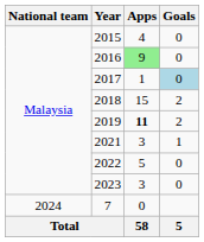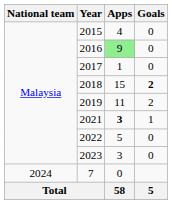 <table class=wikitable style="text-align: center;">
 <tr>
 <th>National team</th>
 <th>Year</th>
 <th>Apps</th>
 <th>Goals</th>
 </tr>
 <tr>
 <td rowspan=8><a href='#'>Malaysia</a></td>
 <td>2015</td>
 <td>4</td>
 <td>0</td>
 </tr>
 <tr>
 <td>2016</td>
 <td style="background: lightgreen;">9</td>
 <td>0</td>
 </tr>
 <tr>
 <td>2017</td>
 <td>1</td>
-<td style="background: lightblue;">0</td>
+<td>0</td>
 </tr>
 <tr>
 <td>2018</td>
 <td>15</td>
-<td>2</td>
+<td><strong>2</strong></td>
 </tr>
 <tr>
 <td>2019</td>
-<td><strong>11</strong></td>
+<td>11</td>
 <td>2</td>
 </tr>
 <tr>
 <td>2021</td>
-<td>3</td>
+<td><strong>3</strong></td>
 <td>1</td>
 </tr>
 <tr>
 <td>2022</td>
 <td>5</td>
 <td>0</td>
 </tr>
 <tr>
 <td>2023</td>
 <td>3</td>
 <td>0</td>
 </tr>
 <tr>
 <td>2024</td>
 <td>7</td>
 <td>0</td>
 </tr>
 <tr>
 <th colspan=2>Total</th>
 <th>58</th>
 <th>5</th>
 </tr>
 </table>
